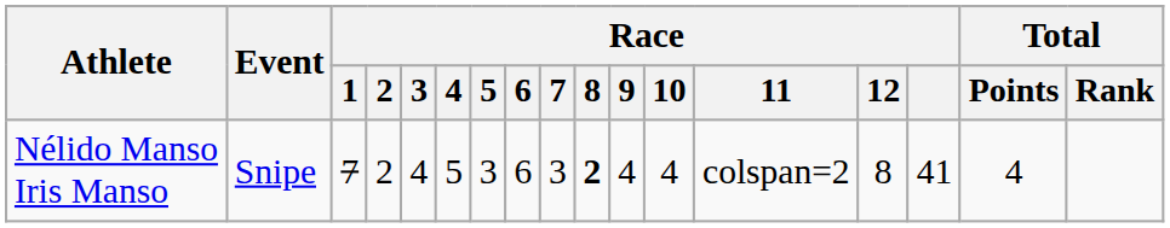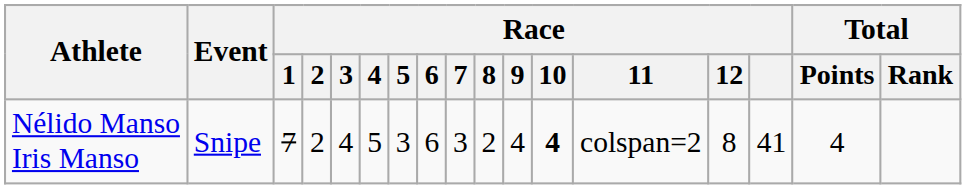 <table class=wikitable style=font-size:90%;text-align:center>
 <tr>
 <th rowspan=2>Athlete</th>
 <th rowspan=2>Event</th>
 <th colspan=13>Race</th>
 <th colspan=2>Total</th>
 </tr>
 <tr style=font-size:95%>
 <th>1</th>
 <th>2</th>
 <th>3</th>
 <th>4</th>
 <th>5</th>
 <th>6</th>
 <th>7</th>
 <th>8</th>
 <th>9</th>
 <th>10</th>
 <th>11</th>
 <th>12</th>
 <th></th>
 <th>Points</th>
 <th>Rank</th>
 </tr>
 <tr>
 <td align=left><a href='#'>Nélido Manso</a><br><a href='#'>Iris Manso</a></td>
 <td align=left><a href='#'>Snipe</a></td>
 <td><s>7</s></td>
 <td>2</td>
 <td>4</td>
 <td>5</td>
 <td>3</td>
 <td>6</td>
 <td>3</td>
-<td><strong>2</strong></td>
+<td>2</td>
 <td>4</td>
-<td>4</td>
+<td><strong>4</strong></td>
 <td>colspan=2 </td>
 <td>8</td>
 <td>41</td>
 <td>4</td>
 </tr>
 </table>
